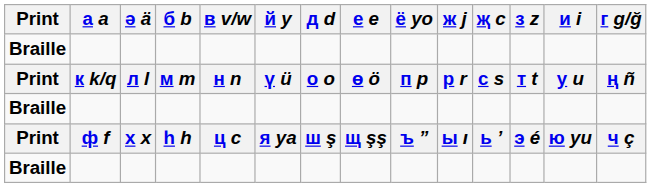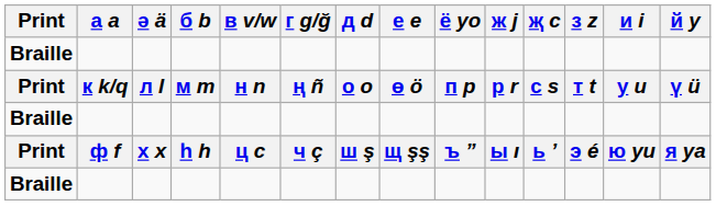 <table class="wikitable" style="text-align:center">
 <tr>
 <th><strong>Print</strong></th>
 <th><a href='#'>а</a> <em>a</em></th>
 <th><a href='#'>ә</a> <em>ä</em></th>
 <th><a href='#'>б</a> <em>b</em></th>
 <th><a href='#'>в</a> <em>v/w</em></th>
-<th><a href='#'>й</a> <em>y</em></th>
+<th><a href='#'>г</a> <em>g/ğ</em></th>
 <th><a href='#'>д</a> <em>d</em></th>
 <th><a href='#'>е</a> <em>e</em></th>
 <th><a href='#'>ё</a> <em>yo</em></th>
 <th><a href='#'>ж</a> <em>j</em></th>
 <th><a href='#'>җ</a> <em>c</em></th>
 <th><a href='#'>з</a> <em>z</em></th>
 <th><a href='#'>и</a> <em>i</em></th>
-<th><a href='#'>г</a> <em>g/ğ</em></th>
+<th><a href='#'>й</a> <em>y</em></th>
 </tr>
 <tr>
 <td><strong>Braille</strong></td>
 <td></td>
 <td></td>
 <td></td>
 <td></td>
 <td></td>
 <td></td>
 <td></td>
 <td></td>
 <td></td>
 <td></td>
 <td></td>
 <td></td>
 <td></td>
 </tr>
 <tr>
 <th><strong>Print</strong></th>
 <th><a href='#'>к</a> <em>k/q</em></th>
 <th><a href='#'>л</a> <em>l</em></th>
 <th><a href='#'>м</a> <em>m</em></th>
 <th><a href='#'>н</a> <em>n</em></th>
-<th><a href='#'>ү</a> <em>ü</em></th>
+<th><a href='#'>ң</a> <em>ñ</em></th>
 <th><a href='#'>о</a> <em>o</em></th>
 <th><a href='#'>ө</a> <em>ö</em></th>
 <th><a href='#'>п</a> <em>p</em></th>
 <th><a href='#'>р</a> <em>r</em></th>
 <th><a href='#'>с</a> <em>s</em></th>
 <th><a href='#'>т</a> <em>t</em></th>
 <th><a href='#'>у</a> <em>u</em></th>
-<th><a href='#'>ң</a> <em>ñ</em></th>
+<th><a href='#'>ү</a> <em>ü</em></th>
 </tr>
 <tr>
 <td><strong>Braille</strong></td>
 <td></td>
 <td></td>
 <td></td>
 <td></td>
 <td></td>
 <td></td>
 <td></td>
 <td></td>
 <td></td>
 <td></td>
 <td></td>
 <td></td>
 <td></td>
 </tr>
 <tr>
 <th><strong>Print</strong></th>
 <th><a href='#'>ф</a> <em>f</em></th>
 <th><a href='#'>х</a> <em>x</em></th>
 <th><a href='#'>һ</a> <em>h</em></th>
 <th><a href='#'>ц</a> <em>c</em></th>
-<th><a href='#'>я</a> <em>ya</em></th>
+<th><a href='#'>ч</a> <em>ç</em></th>
 <th><a href='#'>ш</a> <em>ş</em></th>
 <th><a href='#'>щ</a> <em>şş</em></th>
 <th><a href='#'>ъ</a> <em>”</em></th>
 <th><a href='#'>ы</a> <em>ı</em></th>
 <th><a href='#'>ь</a> <em>’</em></th>
 <th><a href='#'>э</a> <em>é</em></th>
 <th><a href='#'>ю</a> <em>yu</em></th>
-<th><a href='#'>ч</a> <em>ç</em></th>
+<th><a href='#'>я</a> <em>ya</em></th>
 </tr>
 <tr>
 <td><strong>Braille</strong></td>
 <td></td>
 <td></td>
 <td></td>
 <td></td>
 <td></td>
 <td></td>
 <td></td>
 <td></td>
 <td></td>
 <td></td>
 <td></td>
 <td></td>
 <td></td>
 </tr>
 </table>
